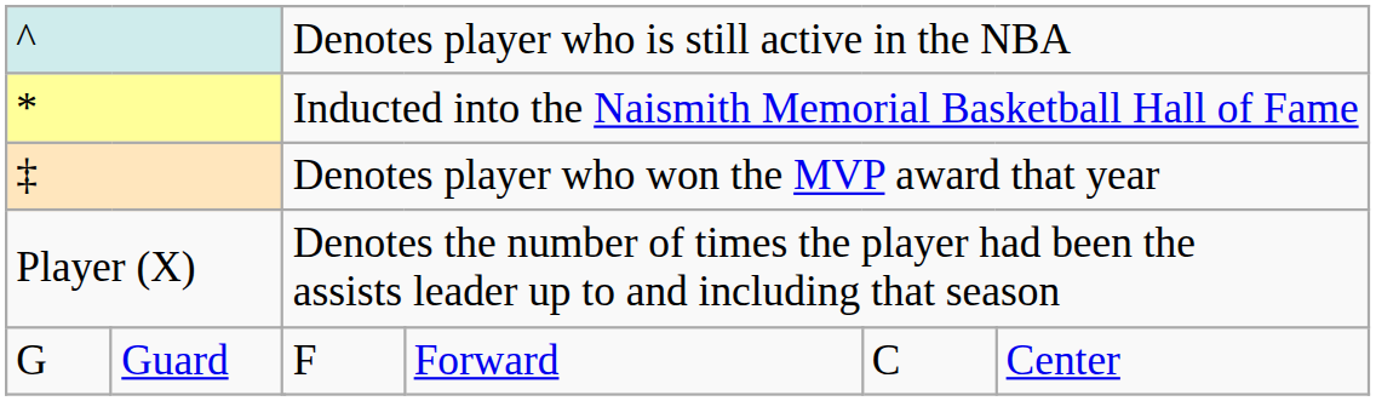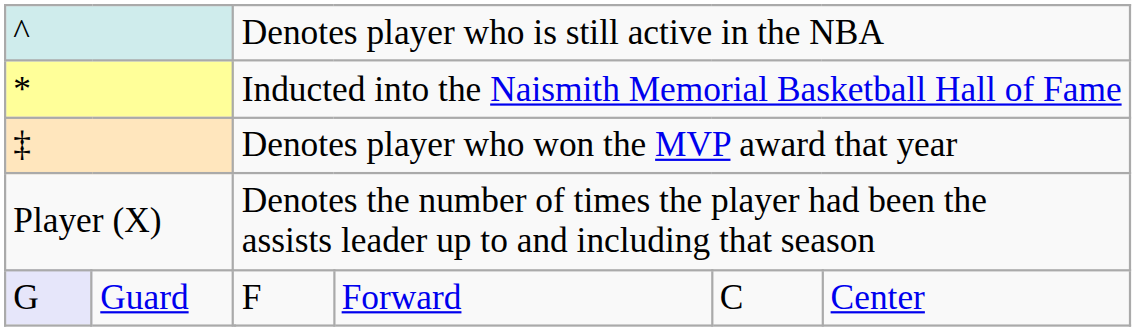 <table class="wikitable">
 <tr>
 <td style="background-color:#CFECEC; width:6em" colspan=2>^</td>
 <td colspan=5>Denotes player who is still active in the NBA</td>
 </tr>
 <tr>
 <td style="background-color:#FFFF99; width:6em" colspan=2>*</td>
 <td colspan=5>Inducted into the <a href='#'>Naismith Memorial Basketball Hall of Fame</a></td>
 </tr>
 <tr>
 <td style="background-color:#FFE6BD; border:1px solid #aaaaaa; width:6em" colspan=2>‡</td>
 <td colspan=5>Denotes player who won the <a href='#'>MVP</a> award that year</td>
 </tr>
 <tr>
 <td colspan=2>Player (X)</td>
 <td colspan=5>Denotes the number of times the player had been the<br>assists leader up to and including that season</td>
 </tr>
 <tr>
-<td style="width:2em">G</td>
+<td style="background: lavender; width:2em">G</td>
 <td colspan=2><a href='#'>Guard</a></td>
 <td>F</td>
 <td><a href='#'>Forward</a></td>
 <td>C</td>
 <td><a href='#'>Center</a></td>
 </tr>
 </table>
